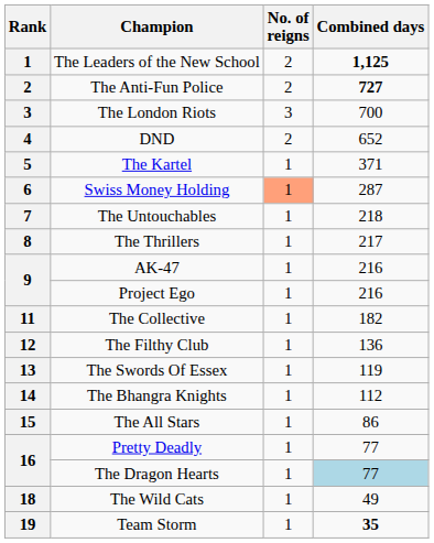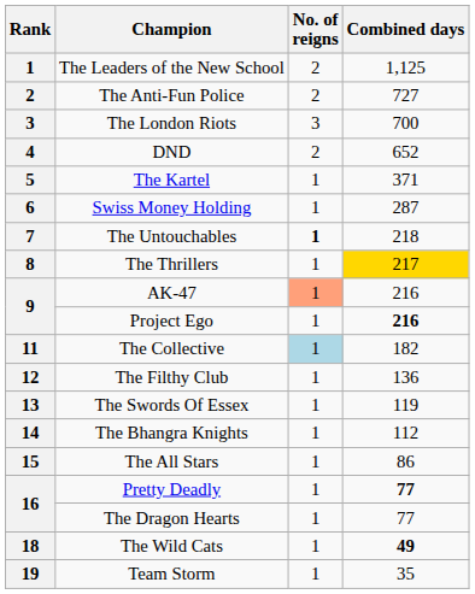 <table class="wikitable sortable" style="text-align: center">
 <tr>
 <th>Rank</th>
 <th>Champion</th>
 <th>No. of<br>reigns</th>
 <th>Combined days</th>
 </tr>
 <tr>
 <th>1</th>
 <td>The Leaders of the New School<br> </td>
 <td>2</td>
-<td><strong>1,125</strong></td>
+<td>1,125</td>
 </tr>
 <tr>
 <th>2</th>
 <td>The Anti-Fun Police<br> </td>
 <td>2</td>
-<td><strong>727</strong></td>
+<td>727</td>
 </tr>
 <tr>
 <th>3</th>
 <td>The London Riots<br> </td>
 <td>3</td>
 <td>700</td>
 </tr>
 <tr>
 <th>4</th>
 <td>DND<br> </td>
 <td>2</td>
 <td>652</td>
 </tr>
 <tr>
 <th>5</th>
 <td><a href='#'>The Kartel</a><br> </td>
 <td>1</td>
 <td>371</td>
 </tr>
 <tr>
 <th>6</th>
 <td><a href='#'>Swiss Money Holding</a><br> </td>
-<td style="background: lightsalmon;">1</td>
+<td>1</td>
 <td>287</td>
 </tr>
 <tr>
 <th>7</th>
 <td>The Untouchables<br> </td>
-<td>1</td>
+<td><strong>1</strong></td>
 <td>218</td>
 </tr>
 <tr>
 <th>8</th>
 <td>The Thrillers<br> </td>
 <td>1</td>
-<td>217</td>
+<td style="background: gold;">217</td>
 </tr>
 <tr>
 <th rowspan=2>9</th>
 <td>AK-47<br> </td>
-<td>1</td>
+<td style="background: lightsalmon;">1</td>
 <td>216</td>
 </tr>
 <tr>
 <td>Project Ego<br> </td>
 <td>1</td>
-<td>216</td>
+<td><strong>216</strong></td>
 </tr>
 <tr>
 <th>11</th>
 <td>The Collective<br> </td>
-<td>1</td>
+<td style="background: lightblue;">1</td>
 <td>182</td>
 </tr>
 <tr>
 <th>12</th>
 <td>The Filthy Club<br> </td>
 <td>1</td>
 <td>136</td>
 </tr>
 <tr>
 <th>13</th>
 <td>The Swords Of Essex<br></td>
 <td>1</td>
 <td>119</td>
 </tr>
 <tr>
 <th>14</th>
 <td>The Bhangra Knights<br> </td>
 <td>1</td>
 <td>112</td>
 </tr>
 <tr>
 <th>15</th>
 <td>The All Stars<br> </td>
 <td>1</td>
 <td>86</td>
 </tr>
 <tr>
 <th rowspan=2>16</th>
 <td><a href='#'>Pretty Deadly</a><br> </td>
 <td>1</td>
-<td>77</td>
+<td><strong>77</strong></td>
 </tr>
 <tr>
 <td>The Dragon Hearts<br> </td>
 <td>1</td>
-<td style="background: lightblue;">77</td>
+<td>77</td>
 </tr>
 <tr>
 <th>18</th>
 <td>The Wild Cats<br> </td>
 <td>1</td>
-<td>49</td>
+<td><strong>49</strong></td>
 </tr>
 <tr>
 <th>19</th>
 <td>Team Storm<br> </td>
 <td>1</td>
-<td><strong>35</strong></td>
+<td>35</td>
 </tr>
 </table>
